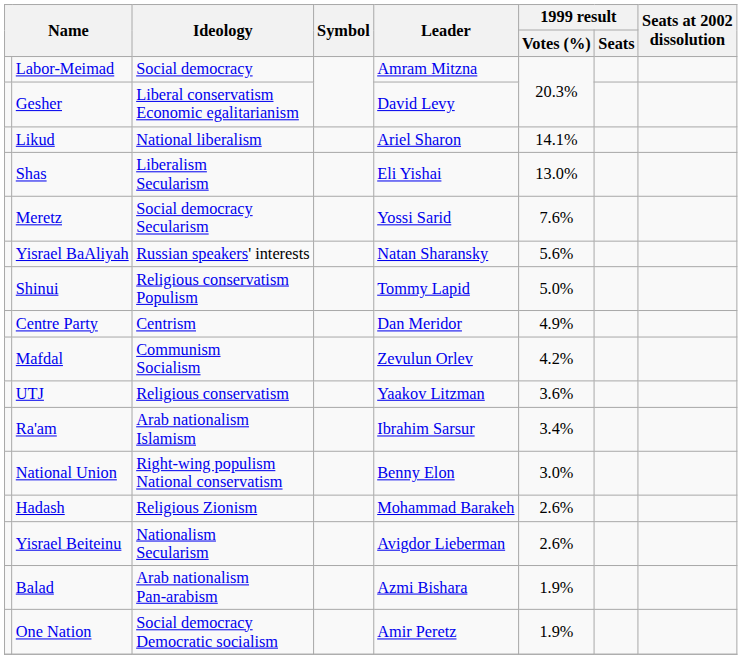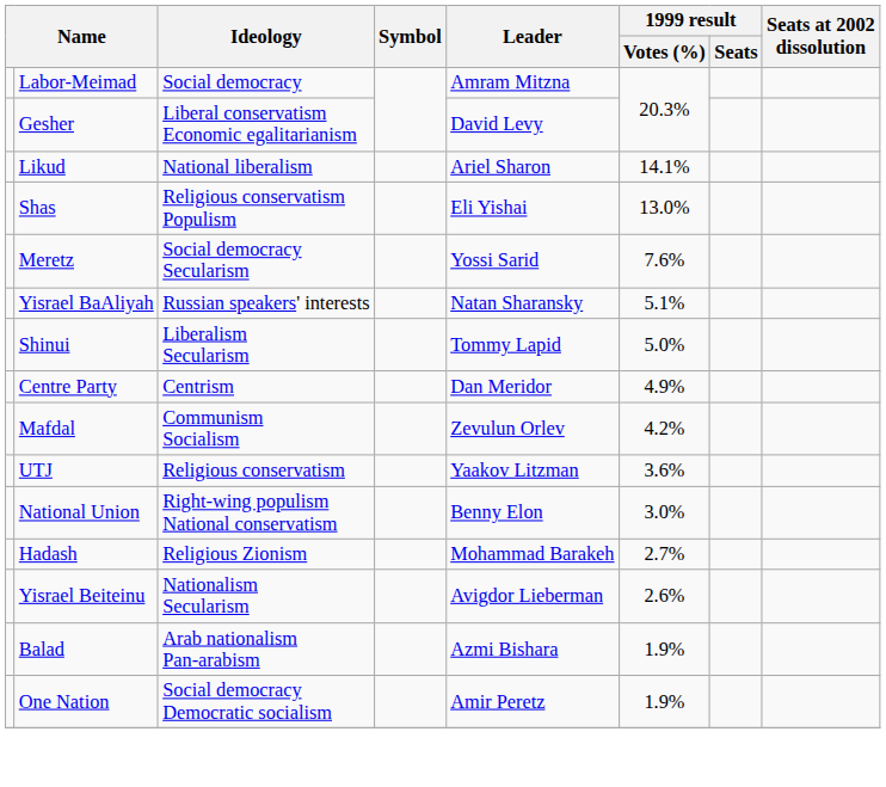 <table class="wikitable">
 <tr>
 <th rowspan="2" colspan=2>Name</th>
 <th rowspan="2">Ideology</th>
 <th rowspan="2">Symbol</th>
 <th rowspan="2">Leader</th>
 <th colspan="2">1999 result</th>
 <th rowspan="2">Seats at 2002<br>dissolution</th>
 </tr>
 <tr>
 <th>Votes (%)</th>
 <th>Seats</th>
 </tr>
 <tr>
 <td style="background:"></td>
 <td><a href='#'>Labor-Meimad</a></td>
 <td><a href='#'>Social democracy</a></td>
 <td rowspan=2></td>
 <td><a href='#'>Amram Mitzna</a></td>
 <td style="text-align:center;" rowspan=2>20.3%</td>
 <td></td>
 <td></td>
 </tr>
 <tr>
 <td style="background:"></td>
 <td><a href='#'>Gesher</a></td>
 <td><a href='#'>Liberal conservatism</a><br><a href='#'>Economic egalitarianism</a></td>
 <td><a href='#'>David Levy</a></td>
 <td></td>
 <td></td>
 </tr>
 <tr>
 <td style="background:"></td>
 <td><a href='#'>Likud</a></td>
 <td><a href='#'>National liberalism</a></td>
 <td></td>
 <td><a href='#'>Ariel Sharon</a></td>
 <td style="text-align:center;" rowspan=1>14.1%</td>
 <td></td>
 <td></td>
 </tr>
 <tr>
 <td style="background:"></td>
 <td><a href='#'>Shas</a></td>
-<td><a href='#'>Liberalism</a><br><a href='#'>Secularism</a></td>
+<td><a href='#'>Religious conservatism</a><br><a href='#'>Populism</a></td>
 <td></td>
 <td><a href='#'>Eli Yishai</a></td>
 <td style="text-align:center;">13.0%</td>
 <td></td>
 <td></td>
 </tr>
 <tr>
 <td style="background:"></td>
 <td><a href='#'>Meretz</a></td>
 <td><a href='#'>Social democracy</a><br><a href='#'>Secularism</a></td>
 <td></td>
 <td><a href='#'>Yossi Sarid</a></td>
 <td style="text-align:center;">7.6%</td>
 <td></td>
 <td></td>
 </tr>
 <tr>
 <td style="background:"></td>
 <td><a href='#'>Yisrael BaAliyah</a></td>
 <td><a href='#'>Russian speakers</a>' interests</td>
 <td></td>
 <td><a href='#'>Natan Sharansky</a></td>
-<td style="text-align:center;">5.6%</td>
+<td style="text-align:center;">5.1%</td>
 <td></td>
 <td></td>
 </tr>
 <tr>
 <td style="background:"></td>
 <td><a href='#'>Shinui</a></td>
-<td><a href='#'>Religious conservatism</a><br><a href='#'>Populism</a></td>
+<td><a href='#'>Liberalism</a><br><a href='#'>Secularism</a></td>
 <td></td>
 <td><a href='#'>Tommy Lapid</a></td>
 <td style="text-align:center;">5.0%</td>
 <td></td>
 <td></td>
 </tr>
 <tr>
 <td style="background:"></td>
 <td><a href='#'>Centre Party</a></td>
 <td><a href='#'>Centrism</a></td>
 <td></td>
 <td><a href='#'>Dan Meridor</a></td>
 <td style="text-align:center;">4.9%</td>
 <td></td>
 <td></td>
 </tr>
 <tr>
 <td style="background:"></td>
 <td><a href='#'>Mafdal</a></td>
 <td><a href='#'>Communism</a><br><a href='#'>Socialism</a></td>
 <td></td>
 <td><a href='#'>Zevulun Orlev</a></td>
 <td style="text-align:center;">4.2%</td>
 <td></td>
 <td></td>
 </tr>
 <tr>
 <td style="background:"></td>
 <td><a href='#'>UTJ</a></td>
 <td><a href='#'>Religious conservatism</a></td>
 <td></td>
 <td><a href='#'>Yaakov Litzman</a></td>
 <td style="text-align:center;">3.6%</td>
 <td></td>
 <td></td>
 </tr>
 <tr>
 <td style="background:"></td>
-<td><a href='#'>Ra'am</a></td>
-<td><a href='#'>Arab nationalism</a><br><a href='#'>Islamism</a></td>
-<td></td>
-<td><a href='#'>Ibrahim Sarsur</a></td>
-<td style="text-align:center;">3.4%</td>
-<td></td>
-<td></td>
-</tr>
-<tr>
-<td style="background:"></td>
 <td><a href='#'>National Union</a></td>
 <td><a href='#'>Right-wing populism</a><br><a href='#'>National conservatism</a></td>
 <td></td>
 <td><a href='#'>Benny Elon</a></td>
 <td style="text-align:center;">3.0%</td>
 <td></td>
 <td></td>
 </tr>
 <tr>
 <td style="background:"></td>
 <td><a href='#'>Hadash</a></td>
 <td><a href='#'>Religious Zionism</a></td>
 <td></td>
 <td><a href='#'>Mohammad Barakeh</a></td>
-<td style="text-align:center;">2.6%</td>
+<td style="text-align:center;">2.7%</td>
 <td></td>
 <td></td>
 </tr>
 <tr>
 <td style="background:"></td>
 <td><a href='#'>Yisrael Beiteinu</a></td>
 <td><a href='#'>Nationalism</a><br><a href='#'>Secularism</a></td>
 <td></td>
 <td><a href='#'>Avigdor Lieberman</a></td>
 <td style="text-align:center;">2.6%</td>
 <td></td>
 <td></td>
 </tr>
 <tr>
 <td style="background:"></td>
 <td><a href='#'>Balad</a></td>
 <td><a href='#'>Arab nationalism</a><br><a href='#'>Pan-arabism</a></td>
 <td></td>
 <td><a href='#'>Azmi Bishara</a></td>
 <td style="text-align:center;">1.9%</td>
 <td></td>
 <td></td>
 </tr>
 <tr>
 <td style="background:"></td>
 <td><a href='#'>One Nation</a></td>
 <td><a href='#'>Social democracy</a><br><a href='#'>Democratic socialism</a></td>
 <td></td>
 <td><a href='#'>Amir Peretz</a></td>
 <td style="text-align:center;">1.9%</td>
 <td></td>
 <td></td>
 </tr>
 <tr>
 </tr>
 </table>
